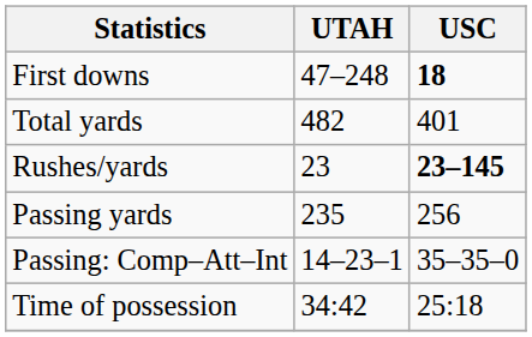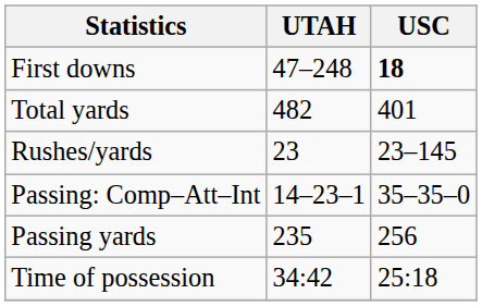 <table class="wikitable" style="float: left;">
 <tr>
 <th>Statistics</th>
 <th>UTAH</th>
 <th>USC</th>
 </tr>
 <tr>
 <td>First downs</td>
 <td>47–248</td>
 <td><strong>18</strong></td>
 </tr>
 <tr>
 <td>Total yards</td>
 <td>482</td>
 <td>401</td>
 </tr>
 <tr>
 <td>Rushes/yards</td>
 <td>23</td>
-<td><strong>23–145</strong></td>
+<td>23–145</td>
+</tr>
+<tr>
+<td>Passing: Comp–Att–Int</td>
+<td>14–23–1</td>
+<td>35–35–0</td>
 </tr>
 <tr>
 <td>Passing yards</td>
 <td>235</td>
 <td>256</td>
-</tr>
-<tr>
-<td>Passing: Comp–Att–Int</td>
-<td>14–23–1</td>
-<td>35–35–0</td>
 </tr>
 <tr>
 <td>Time of possession</td>
 <td>34:42</td>
 <td>25:18</td>
 </tr>
 <tr>
 </tr>
 </table>
